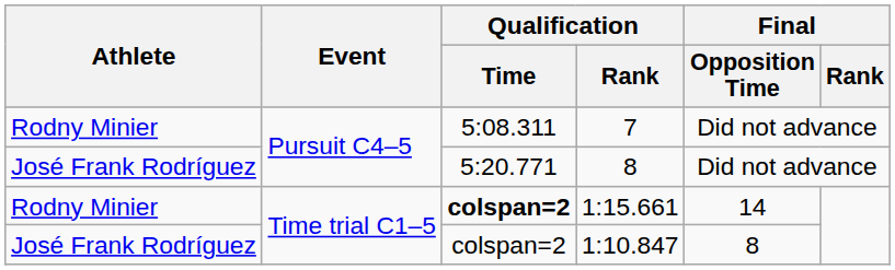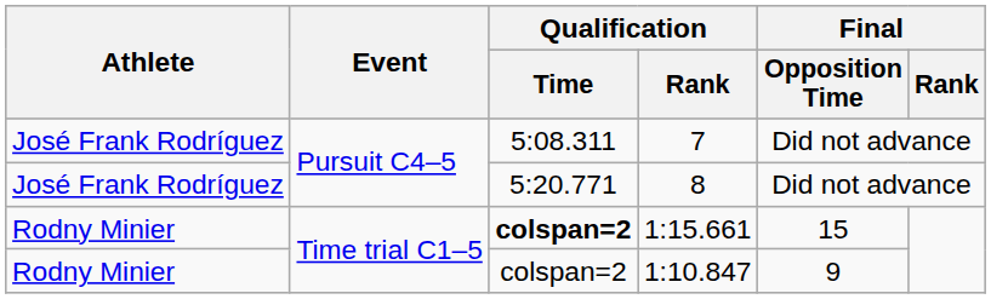 <table class=wikitable style="font-size:90%">
 <tr>
 <th rowspan="2">Athlete</th>
 <th rowspan="2">Event</th>
 <th colspan="2">Qualification</th>
 <th colspan="2">Final</th>
 </tr>
 <tr style="font-size:95%">
 <th>Time</th>
 <th>Rank</th>
 <th>Opposition<br>Time</th>
 <th>Rank</th>
 </tr>
 <tr align=center>
-<td align=left><a href='#'>Rodny Minier</a></td>
+<td align=left><a href='#'>José Frank Rodríguez</a></td>
 <td align=left rowspan=2><a href='#'>Pursuit C4–5</a></td>
 <td>5:08.311</td>
 <td>7</td>
 <td colspan=2>Did not advance</td>
 </tr>
 <tr align=center>
 <td align=left><a href='#'>José Frank Rodríguez</a></td>
 <td>5:20.771</td>
 <td>8</td>
 <td colspan=2>Did not advance</td>
 </tr>
 <tr align=center>
 <td align=left><a href='#'>Rodny Minier</a></td>
 <td align=left rowspan=2><a href='#'>Time trial C1–5</a></td>
 <td><strong>colspan=2 </strong></td>
 <td>1:15.661</td>
-<td>14</td>
+<td>15</td>
 </tr>
 <tr align=center>
-<td align=left><a href='#'>José Frank Rodríguez</a></td>
+<td align=left><a href='#'>Rodny Minier</a></td>
 <td>colspan=2 </td>
 <td>1:10.847</td>
-<td>8</td>
+<td>9</td>
 </tr>
 </table>
